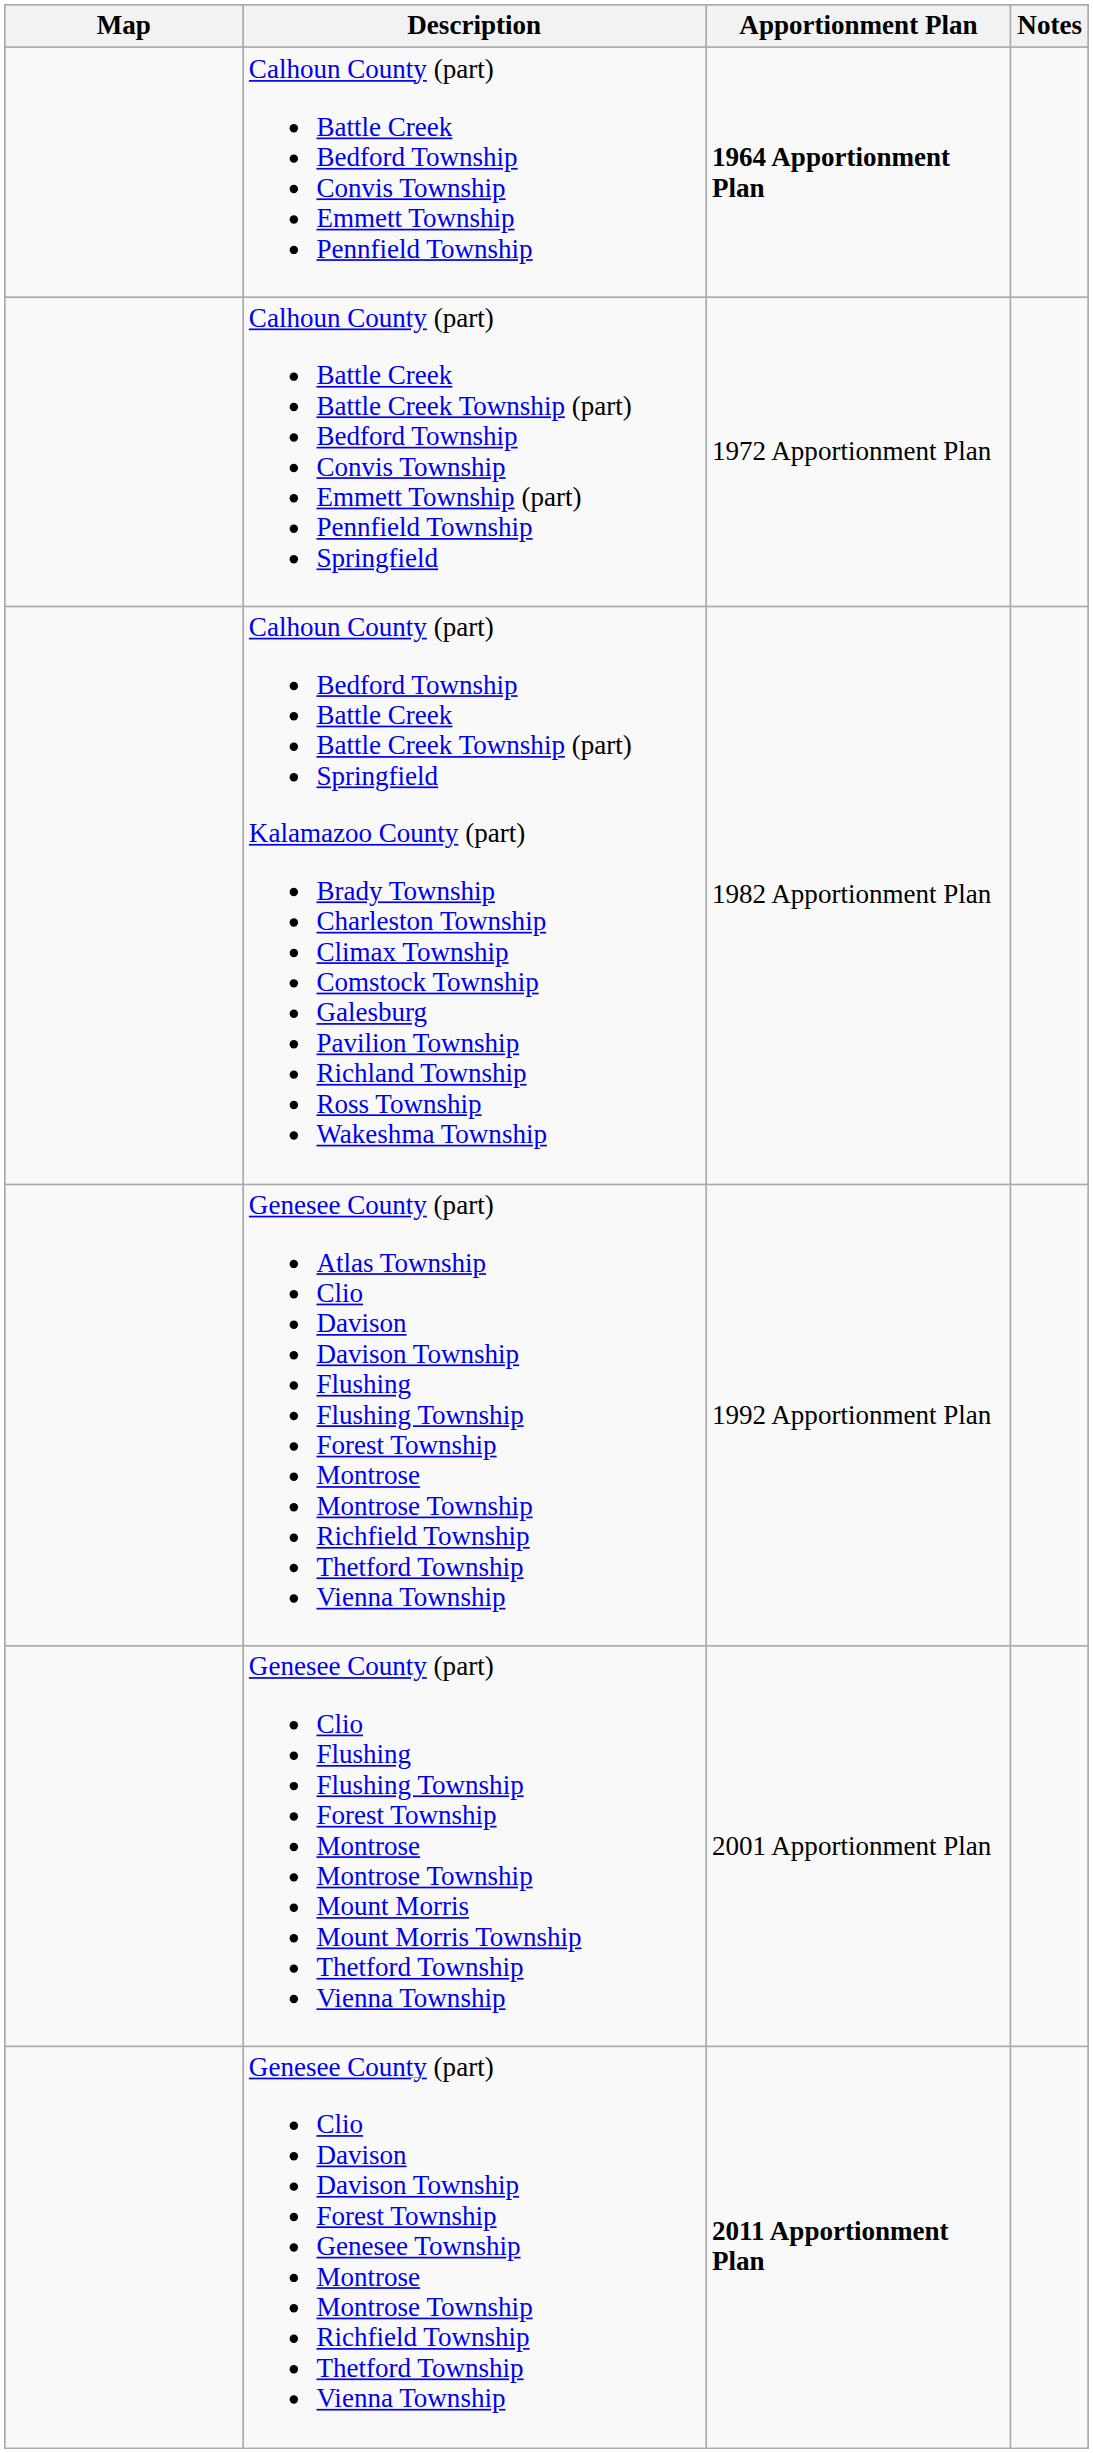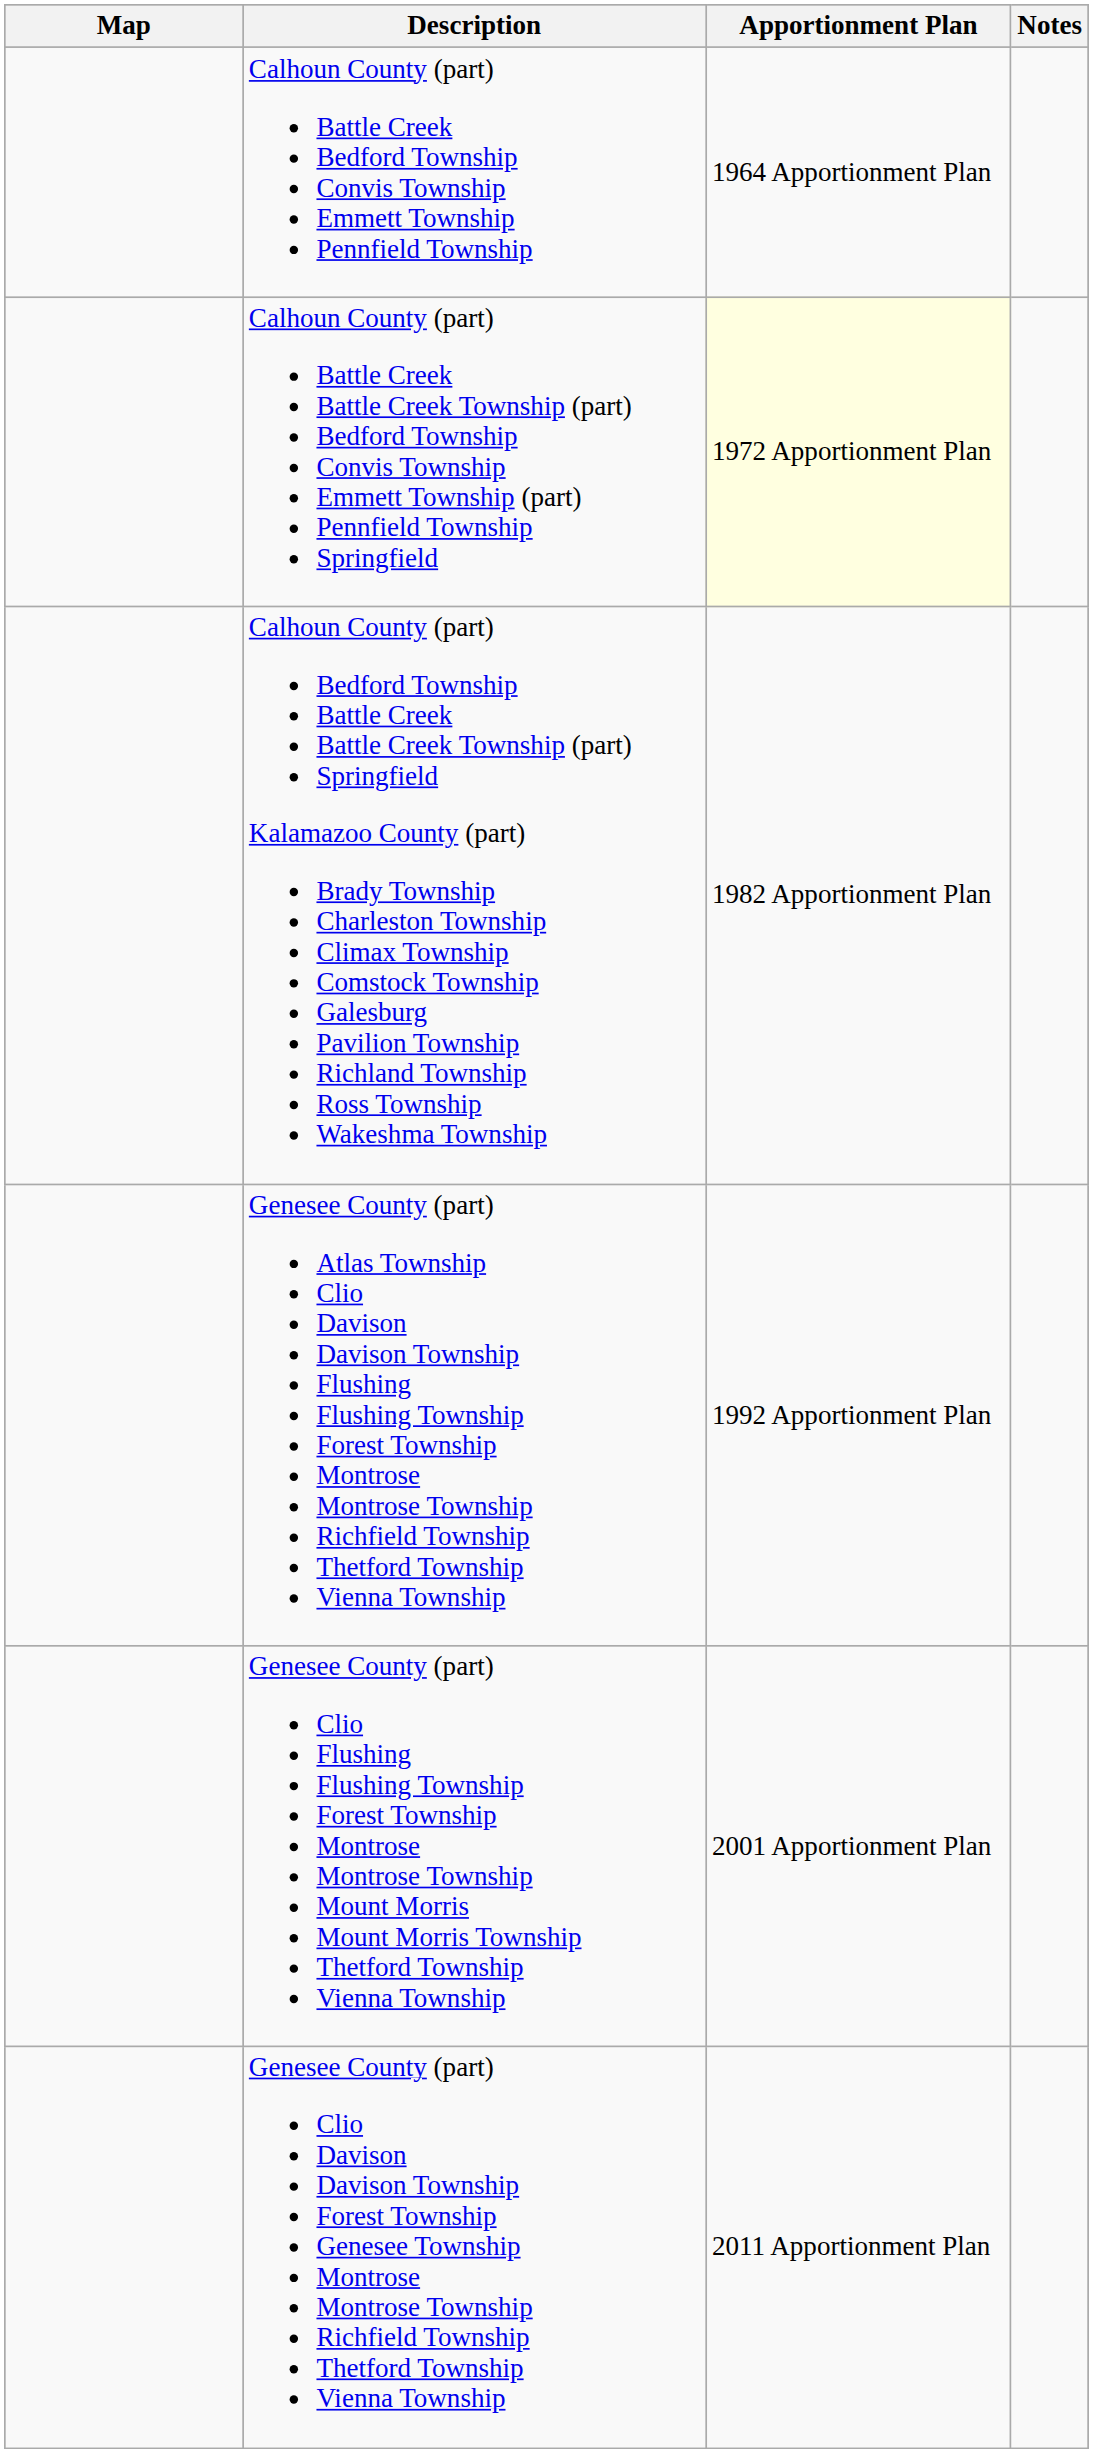 <table class="wikitable sortable">
 <tr>
 <th style="width:100pt;">Map</th>
 <th style="width:200pt;">Description</th>
 <th style="width:130pt;">Apportionment Plan</th>
 <th style="width:15pt;">Notes</th>
 </tr>
 <tr>
 <td></td>
 <td><a href='#'>Calhoun County</a> (part)<br><ul><li><a href='#'>Battle Creek</a></li><li><a href='#'>Bedford Township</a></li><li><a href='#'>Convis Township</a></li><li><a href='#'>Emmett Township</a></li><li><a href='#'>Pennfield Township</a></li></ul></td>
-<td><strong>1964 Apportionment Plan</strong></td>
+<td>1964 Apportionment Plan</td>
 <td></td>
 </tr>
 <tr>
 <td></td>
 <td><a href='#'>Calhoun County</a> (part)<br><ul><li><a href='#'>Battle Creek</a></li><li><a href='#'>Battle Creek Township</a> (part)</li><li><a href='#'>Bedford Township</a></li><li><a href='#'>Convis Township</a></li><li><a href='#'>Emmett Township</a> (part)</li><li><a href='#'>Pennfield Township</a></li><li><a href='#'>Springfield</a></li></ul></td>
-<td>1972 Apportionment Plan</td>
+<td style="background: lightyellow;">1972 Apportionment Plan</td>
 <td></td>
 </tr>
 <tr>
 <td></td>
 <td><a href='#'>Calhoun County</a> (part)<br><ul><li><a href='#'>Bedford Township</a></li><li><a href='#'>Battle Creek</a></li><li><a href='#'>Battle Creek Township</a> (part)</li><li><a href='#'>Springfield</a></li></ul><a href='#'>Kalamazoo County</a> (part)<ul><li><a href='#'>Brady Township</a></li><li><a href='#'>Charleston Township</a></li><li><a href='#'>Climax Township</a></li><li><a href='#'>Comstock Township</a></li><li><a href='#'>Galesburg</a></li><li><a href='#'>Pavilion Township</a></li><li><a href='#'>Richland Township</a></li><li><a href='#'>Ross Township</a></li><li><a href='#'>Wakeshma Township</a></li></ul></td>
 <td>1982 Apportionment Plan</td>
 <td></td>
 </tr>
 <tr>
 <td></td>
 <td><a href='#'>Genesee County</a> (part)<br><ul><li><a href='#'>Atlas Township</a></li><li><a href='#'>Clio</a></li><li><a href='#'>Davison</a></li><li><a href='#'>Davison Township</a></li><li><a href='#'>Flushing</a></li><li><a href='#'>Flushing Township</a></li><li><a href='#'>Forest Township</a></li><li><a href='#'>Montrose</a></li><li><a href='#'>Montrose Township</a></li><li><a href='#'>Richfield Township</a></li><li><a href='#'>Thetford Township</a></li><li><a href='#'>Vienna Township</a></li></ul></td>
 <td>1992 Apportionment Plan</td>
 <td></td>
 </tr>
 <tr>
 <td></td>
 <td><a href='#'>Genesee County</a> (part)<br><ul><li><a href='#'>Clio</a></li><li><a href='#'>Flushing</a></li><li><a href='#'>Flushing Township</a></li><li><a href='#'>Forest Township</a></li><li><a href='#'>Montrose</a></li><li><a href='#'>Montrose Township</a></li><li><a href='#'>Mount Morris</a></li><li><a href='#'>Mount Morris Township</a></li><li><a href='#'>Thetford Township</a></li><li><a href='#'>Vienna Township</a></li></ul></td>
 <td>2001 Apportionment Plan</td>
 <td></td>
 </tr>
 <tr>
 <td></td>
 <td><a href='#'>Genesee County</a> (part)<br><ul><li><a href='#'>Clio</a></li><li><a href='#'>Davison</a></li><li><a href='#'>Davison Township</a></li><li><a href='#'>Forest Township</a></li><li><a href='#'>Genesee Township</a></li><li><a href='#'>Montrose</a></li><li><a href='#'>Montrose Township</a></li><li><a href='#'>Richfield Township</a></li><li><a href='#'>Thetford Township</a></li><li><a href='#'>Vienna Township</a></li></ul></td>
-<td><strong>2011 Apportionment Plan</strong></td>
+<td>2011 Apportionment Plan</td>
 <td></td>
 </tr>
 <tr>
 </tr>
 </table>
